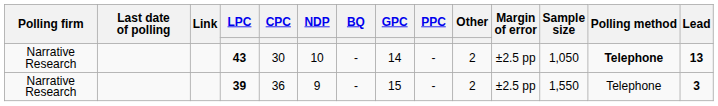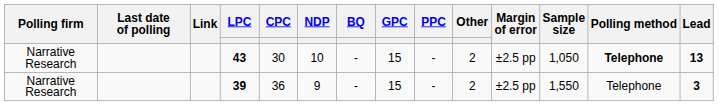 <table class="wikitable sortable mw-datatable" style="text-align:center;font-size:90%;line-height:14px;">
 <tr style="height:40px;">
 <th style="width:105px;" rowspan="2">Polling firm</th>
 <th style="width:105px;" rowspan="2">Last date<br>of polling</th>
 <th rowspan="2">Link</th>
 <th class="unsortable" style="width:40px;"><a href='#'>LPC</a></th>
 <th class="unsortable" style="width:40px;"><a href='#'>CPC</a></th>
 <th class="unsortable" style="width:40px;"><a href='#'>NDP</a></th>
 <th class="unsortable" style="width:40px;"><a href='#'>BQ</a></th>
 <th class="unsortable" style="width:40px;"><a href='#'>GPC</a></th>
 <th class="unsortable" style="width:40px;"><a href='#'>PPC</a></th>
 <th class="unsortable" style="width:40px;">Other</th>
 <th rowspan="2">Margin<br>of error</th>
 <th rowspan="2">Sample<br>size</th>
 <th rowspan="2">Polling method</th>
 <th rowspan="2">Lead</th>
 </tr>
 <tr>
 <th style="background:"></th>
 <th style="background:"></th>
 <th style="background:"></th>
 <th style="background:"></th>
 <th style="background:"></th>
 <th style="background:"></th>
 <th style="background:"></th>
 </tr>
 <tr>
 <td>Narrative Research</td>
 <td></td>
 <td></td>
 <td><strong>43</strong></td>
 <td>30</td>
 <td>10</td>
 <td>-</td>
-<td>14</td>
+<td>15</td>
 <td>-</td>
 <td>2</td>
 <td>±2.5 pp</td>
 <td>1,050</td>
 <td><strong>Telephone</strong></td>
 <td><strong>13</strong></td>
 </tr>
 <tr>
 <td>Narrative Research</td>
 <td></td>
 <td></td>
 <td><strong>39</strong></td>
 <td>36</td>
 <td>9</td>
 <td>-</td>
 <td>15</td>
 <td>-</td>
 <td>2</td>
 <td>±2.5 pp</td>
 <td>1,550</td>
 <td>Telephone</td>
 <td><strong>3</strong></td>
 </tr>
 </table>
